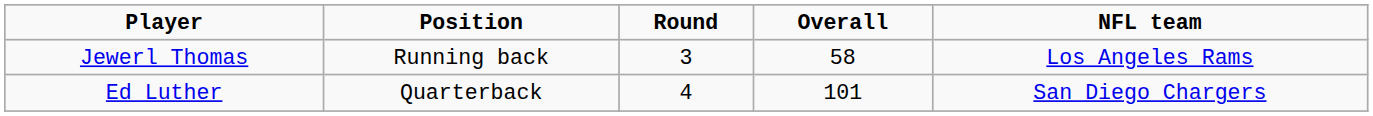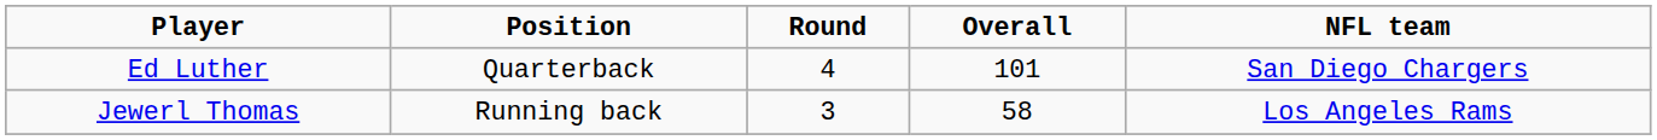 <table class="wikitable" width="65%">
 <tr align="center">
 <td><strong>Player</strong></td>
 <td><strong>Position</strong></td>
 <td><strong>Round</strong></td>
 <td><strong>Overall</strong></td>
 <td><strong>NFL team</strong></td>
 </tr>
 <tr align="center" bgcolor="">
+<td><a href='#'>Ed Luther</a></td>
+<td>Quarterback</td>
+<td>4</td>
+<td>101</td>
+<td><a href='#'>San Diego Chargers</a></td>
+</tr>
+<tr align="center" bgcolor="">
 <td><a href='#'>Jewerl Thomas</a></td>
 <td>Running back</td>
 <td>3</td>
 <td>58</td>
 <td><a href='#'>Los Angeles Rams</a></td>
 </tr>
-<tr align="center" bgcolor="">
-<td><a href='#'>Ed Luther</a></td>
-<td>Quarterback</td>
-<td>4</td>
-<td>101</td>
-<td><a href='#'>San Diego Chargers</a></td>
-</tr>
 </table>
